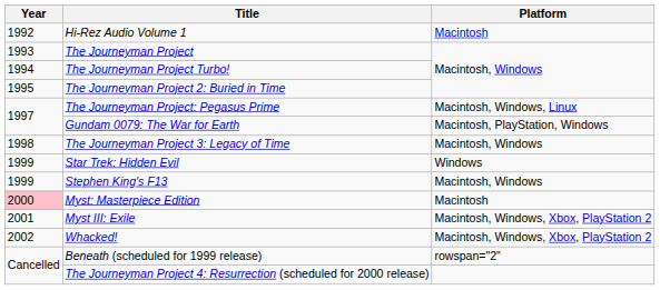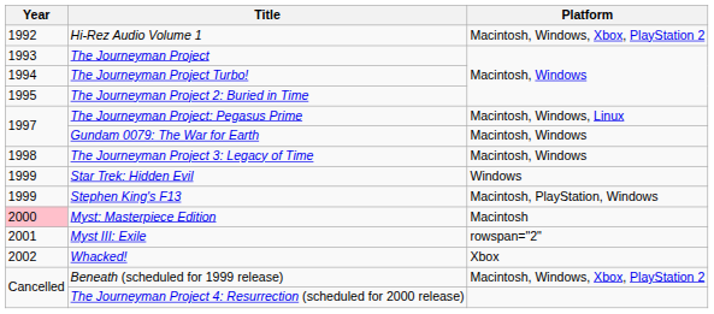 <table class="wikitable sortable">
 <tr>
 <th>Year</th>
 <th>Title</th>
 <th>Platform</th>
 </tr>
 <tr>
 <td>1992</td>
 <td><em>Hi-Rez Audio Volume 1</em></td>
-<td><a href='#'>Macintosh</a></td>
+<td>Macintosh, Windows, <a href='#'>Xbox</a>, <a href='#'>PlayStation 2</a></td>
 </tr>
 <tr>
 <td>1993</td>
 <td><em><a href='#'>The Journeyman Project</a></em></td>
 <td rowspan="3">Macintosh, <a href='#'>Windows</a></td>
 </tr>
 <tr>
 <td>1994</td>
 <td><em><a href='#'>The Journeyman Project Turbo!</a></em></td>
 </tr>
 <tr>
 <td>1995</td>
 <td><em><a href='#'>The Journeyman Project 2: Buried in Time</a></em></td>
 </tr>
 <tr>
 <td rowspan="2">1997</td>
 <td><em><a href='#'>The Journeyman Project: Pegasus Prime</a></em></td>
 <td>Macintosh, Windows, <a href='#'>Linux</a></td>
 </tr>
 <tr>
 <td><em><a href='#'>Gundam 0079: The War for Earth</a></em></td>
-<td>Macintosh, PlayStation, Windows</td>
+<td>Macintosh, Windows</td>
 </tr>
 <tr>
 <td>1998</td>
 <td><em><a href='#'>The Journeyman Project 3: Legacy of Time</a></em></td>
 <td>Macintosh, Windows</td>
 </tr>
 <tr>
 <td>1999</td>
 <td><em><a href='#'>Star Trek: Hidden Evil</a></em></td>
 <td>Windows</td>
 </tr>
 <tr>
 <td>1999</td>
 <td><em><a href='#'>Stephen King's F13</a></em></td>
-<td>Macintosh, Windows</td>
+<td>Macintosh, PlayStation, Windows</td>
 </tr>
 <tr>
 <td style="background: pink;">2000</td>
 <td><em><a href='#'>Myst: Masterpiece Edition</a></em></td>
 <td>Macintosh</td>
 </tr>
 <tr>
 <td>2001</td>
 <td><em><a href='#'>Myst III: Exile</a></em></td>
-<td>Macintosh, Windows, <a href='#'>Xbox</a>, <a href='#'>PlayStation 2</a></td>
+<td>rowspan="2" </td>
 </tr>
 <tr>
 <td>2002</td>
 <td><em><a href='#'>Whacked!</a></em></td>
-<td>Macintosh, Windows, <a href='#'>Xbox</a>, <a href='#'>PlayStation 2</a></td>
+<td>Xbox</td>
 </tr>
 <tr>
 <td rowspan="2">Cancelled</td>
 <td><em>Beneath</em> (scheduled for 1999 release)</td>
-<td>rowspan="2" </td>
+<td>Macintosh, Windows, <a href='#'>Xbox</a>, <a href='#'>PlayStation 2</a></td>
 </tr>
 <tr>
 <td><em><a href='#'>The Journeyman Project 4: Resurrection</a></em> (scheduled for 2000 release)</td>
 </tr>
 </table>
